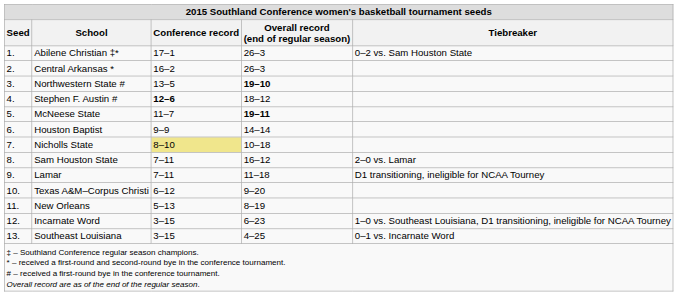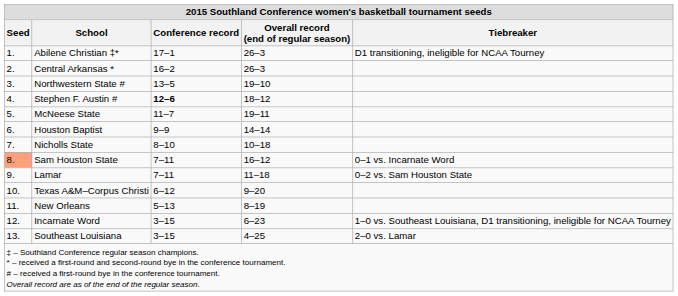 <table class="wikitable" style="white-space:nowrap; font-size:90%;">
 <tr>
 <td colspan="7" style="text-align:center; background:#DDDDDD; font:#000000"><strong>2015 Southland Conference women's basketball tournament seeds</strong></td>
 </tr>
 <tr bgcolor="#efefef">
 <th>Seed</th>
 <th>School</th>
 <th>Conference record</th>
 <th>Overall record <br>(end of regular season)</th>
 <th>Tiebreaker</th>
 </tr>
 <tr>
 <td>1.</td>
 <td>Abilene Christian ‡*</td>
 <td>17–1</td>
 <td>26–3</td>
-<td>0–2 vs. Sam Houston State</td>
+<td>D1 transitioning, ineligible for NCAA Tourney</td>
 </tr>
 <tr>
 <td>2.</td>
 <td>Central Arkansas *</td>
 <td>16–2</td>
 <td>26–3</td>
 <td></td>
 </tr>
 <tr>
 <td>3.</td>
 <td>Northwestern State #</td>
 <td>13–5</td>
-<td><strong>19–10</strong></td>
+<td>19–10</td>
 <td></td>
 </tr>
 <tr>
 <td>4.</td>
 <td>Stephen F. Austin #</td>
 <td><strong>12–6</strong></td>
 <td>18–12</td>
 <td></td>
 </tr>
 <tr>
 <td>5.</td>
 <td>McNeese State</td>
 <td>11–7</td>
-<td><strong>19–11</strong></td>
+<td>19–11</td>
 <td></td>
 </tr>
 <tr>
 <td>6.</td>
 <td>Houston Baptist</td>
 <td>9–9</td>
 <td>14–14</td>
 <td></td>
 </tr>
 <tr>
 <td>7.</td>
 <td>Nicholls State</td>
-<td style="background: khaki;">8–10</td>
+<td>8–10</td>
 <td>10–18</td>
 <td></td>
 </tr>
 <tr>
-<td>8.</td>
+<td style="background: lightsalmon;">8.</td>
 <td>Sam Houston State</td>
 <td>7–11</td>
 <td>16–12</td>
-<td>2–0 vs. Lamar</td>
+<td>0–1 vs. Incarnate Word</td>
 </tr>
 <tr>
 <td>9.</td>
 <td>Lamar</td>
 <td>7–11</td>
 <td>11–18</td>
-<td>D1 transitioning, ineligible for NCAA Tourney</td>
+<td>0–2 vs. Sam Houston State</td>
 </tr>
 <tr>
 <td>10.</td>
 <td>Texas A&M–Corpus Christi</td>
 <td>6–12</td>
 <td>9–20</td>
 <td></td>
 </tr>
 <tr>
 <td>11.</td>
 <td>New Orleans</td>
 <td>5–13</td>
 <td>8–19</td>
 <td></td>
 </tr>
 <tr>
 <td>12.</td>
 <td>Incarnate Word</td>
 <td>3–15</td>
 <td>6–23</td>
 <td>1–0 vs. Southeast Louisiana, D1 transitioning, ineligible for NCAA Tourney</td>
 </tr>
 <tr>
 <td>13.</td>
 <td>Southeast Louisiana</td>
 <td>3–15</td>
 <td>4–25</td>
-<td>0–1 vs. Incarnate Word</td>
+<td>2–0 vs. Lamar</td>
 </tr>
 <tr>
 <td colspan=6 align=left><small>‡ – Southland Conference regular season champions.<br>* – received a first-round and second-round bye in the conference tournament.<br># – received a first-round bye in the conference tournament. <br><em>Overall record are as of the end of the regular season</em>.</small></td>
 </tr>
 </table>
